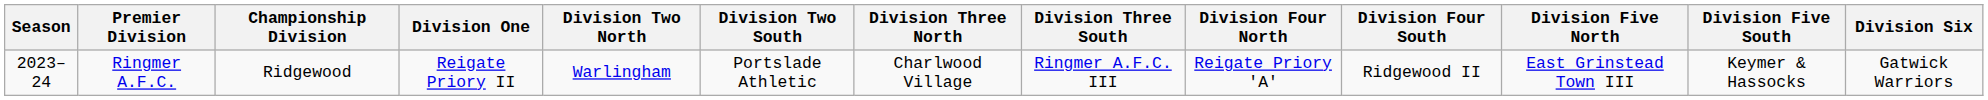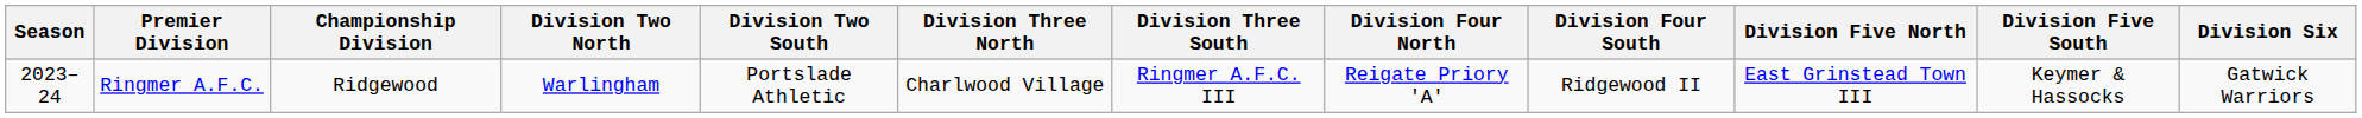 <table class="wikitable" style="text-align: center">
 <tr>
 <th>Season</th>
 <th>Premier Division</th>
 <th>Championship Division</th>
-<th>Division One</th>
 <th>Division Two North</th>
 <th>Division Two South</th>
 <th>Division Three North</th>
 <th>Division Three South</th>
 <th>Division Four North</th>
 <th>Division Four South</th>
 <th>Division Five North</th>
 <th>Division Five South</th>
 <th>Division Six</th>
 </tr>
 <tr>
 <td>2023–24</td>
 <td><a href='#'>Ringmer A.F.C.</a></td>
 <td>Ridgewood</td>
-<td><a href='#'>Reigate Priory</a> II</td>
 <td><a href='#'>Warlingham</a></td>
 <td>Portslade Athletic</td>
 <td>Charlwood Village</td>
 <td><a href='#'>Ringmer A.F.C.</a> III</td>
 <td><a href='#'>Reigate Priory</a> 'A'</td>
 <td>Ridgewood II</td>
 <td><a href='#'>East Grinstead Town</a> III</td>
 <td>Keymer & Hassocks</td>
 <td>Gatwick Warriors</td>
 </tr>
 </table>
